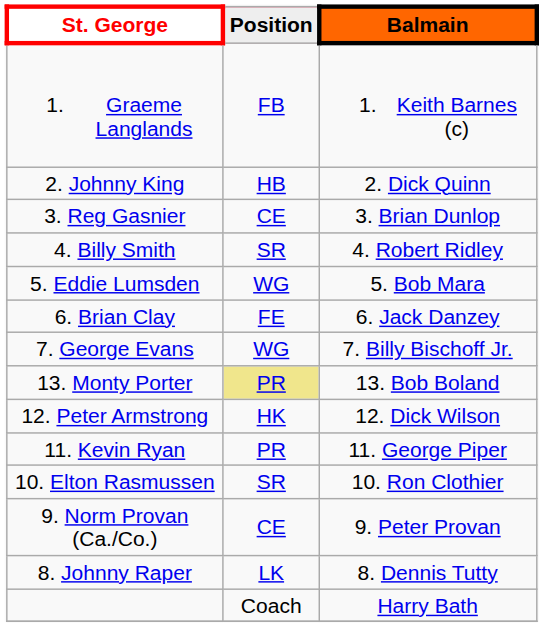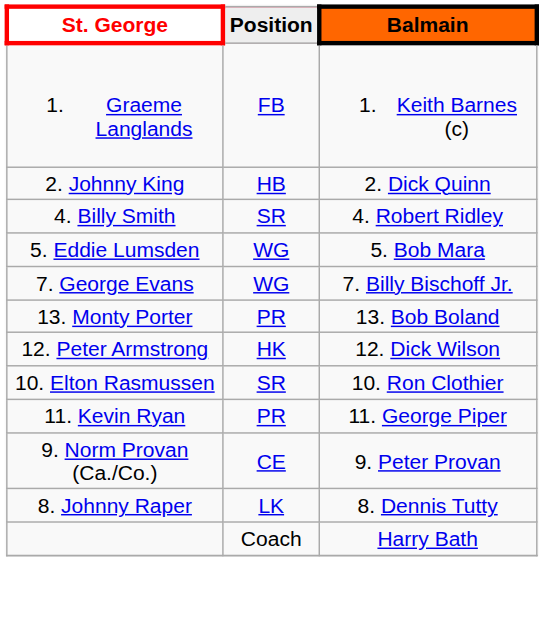 <table align="right" class="wikitable" style="font-size:90%; margin-left:1em">
 <tr bgcolor="#FF0033">
 <th style="width:140px; border:3px solid red; background: white; color: red">St. George</th>
 <th style="width:40px; text-align:center; background:#eee; color:black;">Position</th>
 <th style="width:140px; border:3px solid black; background: #f60; color: black">Balmain</th>
 </tr>
 <tr align=center>
 <td><br><ol><li><a href='#'>Graeme Langlands</a></li></ol></td>
 <td><a href='#'>FB</a></td>
 <td><br><ol><li><a href='#'>Keith Barnes</a> (c)</li></ol></td>
 </tr>
 <tr align=center>
 <td>2. <a href='#'>Johnny King</a></td>
 <td><a href='#'>HB</a></td>
 <td>2. <a href='#'>Dick Quinn</a></td>
 </tr>
 <tr align=center>
-<td>3. <a href='#'>Reg Gasnier</a></td>
-<td><a href='#'>CE</a></td>
-<td>3. <a href='#'>Brian Dunlop</a></td>
-</tr>
-<tr align=center>
 <td>4. <a href='#'>Billy Smith</a></td>
 <td><a href='#'>SR</a></td>
 <td>4. <a href='#'>Robert Ridley</a></td>
 </tr>
 <tr align=center>
 <td>5. <a href='#'>Eddie Lumsden</a></td>
 <td><a href='#'>WG</a></td>
 <td>5. <a href='#'>Bob Mara</a></td>
 </tr>
 <tr align=center>
-<td>6. <a href='#'>Brian Clay</a></td>
-<td><a href='#'>FE</a></td>
-<td>6. <a href='#'>Jack Danzey</a></td>
-</tr>
-<tr align=center>
 <td>7. <a href='#'>George Evans</a></td>
 <td><a href='#'>WG</a></td>
 <td>7. <a href='#'>Billy Bischoff Jr.</a></td>
 </tr>
 <tr align=center>
 <td>13. <a href='#'>Monty Porter</a></td>
-<td style="background: khaki;"><a href='#'>PR</a></td>
+<td><a href='#'>PR</a></td>
 <td>13. <a href='#'>Bob Boland</a></td>
 </tr>
 <tr align=center>
 <td>12. <a href='#'>Peter Armstrong</a></td>
 <td><a href='#'>HK</a></td>
 <td>12. <a href='#'>Dick Wilson</a></td>
 </tr>
 <tr align=center>
+<td>10. <a href='#'>Elton Rasmussen</a></td>
+<td><a href='#'>SR</a></td>
+<td>10. <a href='#'>Ron Clothier</a></td>
+</tr>
+<tr align=center>
 <td>11. <a href='#'>Kevin Ryan</a></td>
 <td><a href='#'>PR</a></td>
 <td>11. <a href='#'>George Piper</a></td>
-</tr>
-<tr align=center>
-<td>10. <a href='#'>Elton Rasmussen</a></td>
-<td><a href='#'>SR</a></td>
-<td>10. <a href='#'>Ron Clothier</a></td>
 </tr>
 <tr align=center>
 <td>9. <a href='#'>Norm Provan</a> (Ca./Co.)</td>
 <td><a href='#'>CE</a></td>
 <td>9. <a href='#'>Peter Provan</a></td>
 </tr>
 <tr align=center>
 <td>8. <a href='#'>Johnny Raper</a></td>
 <td><a href='#'>LK</a></td>
 <td>8. <a href='#'>Dennis Tutty</a></td>
 </tr>
 <tr align=center>
 <td></td>
 <td>Coach</td>
 <td><a href='#'>Harry Bath</a></td>
 </tr>
 <tr>
 </tr>
 </table>
